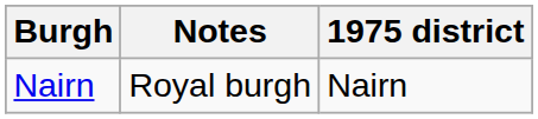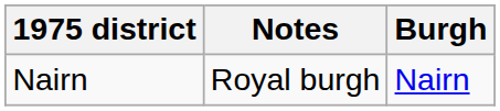 <table class="wikitable">
 <tr>
+<th>1975 district</th>
+<th>Notes</th>
 <th>Burgh</th>
-<th>Notes</th>
-<th>1975 district</th>
 </tr>
 <tr>
+<td>Nairn</td>
+<td>Royal burgh</td>
 <td><a href='#'>Nairn</a></td>
-<td>Royal burgh</td>
-<td>Nairn</td>
 </tr>
 </table>
